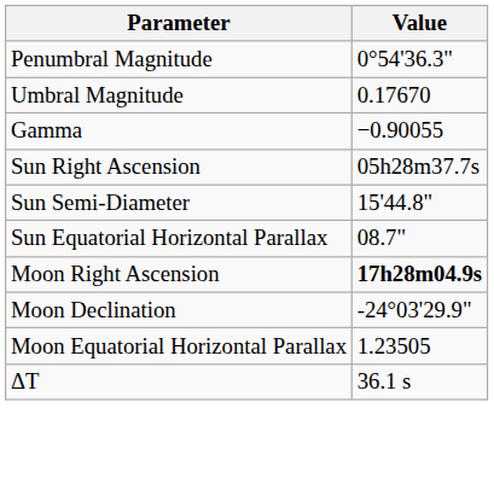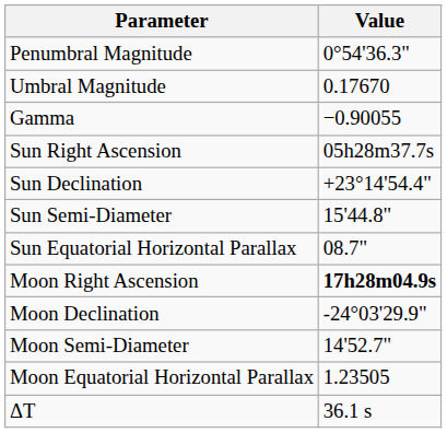 <table class="wikitable">
 <tr>
 <th>Parameter</th>
 <th>Value</th>
 </tr>
 <tr>
 <td>Penumbral Magnitude</td>
 <td>0°54'36.3"</td>
 </tr>
 <tr>
 <td>Umbral Magnitude</td>
 <td>0.17670</td>
 </tr>
 <tr>
 <td>Gamma</td>
 <td>−0.90055</td>
 </tr>
 <tr>
 <td>Sun Right Ascension</td>
 <td>05h28m37.7s</td>
 </tr>
 <tr>
+<td>Sun Declination</td>
+<td>+23°14'54.4"</td>
+</tr>
+<tr>
 <td>Sun Semi-Diameter</td>
 <td>15'44.8"</td>
 </tr>
 <tr>
 <td>Sun Equatorial Horizontal Parallax</td>
 <td>08.7"</td>
 </tr>
 <tr>
 <td>Moon Right Ascension</td>
 <td><strong>17h28m04.9s</strong></td>
 </tr>
 <tr>
 <td>Moon Declination</td>
 <td>-24°03'29.9"</td>
 </tr>
 <tr>
+<td>Moon Semi-Diameter</td>
+<td>14'52.7"</td>
+</tr>
+<tr>
 <td>Moon Equatorial Horizontal Parallax</td>
 <td>1.23505</td>
 </tr>
 <tr>
 <td>ΔT</td>
 <td>36.1 s</td>
 </tr>
 </table>
